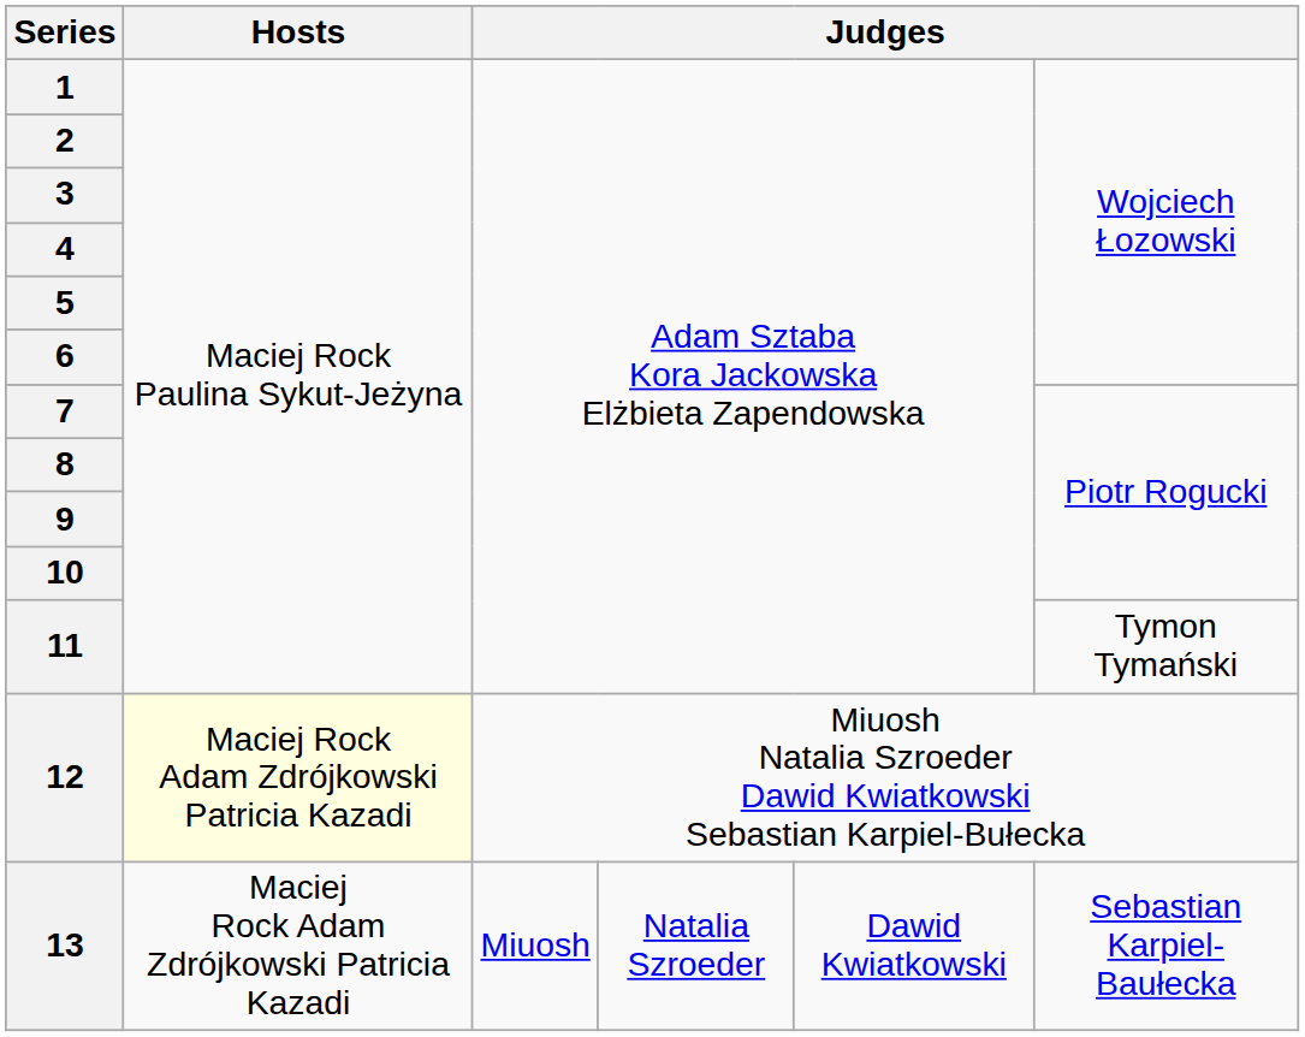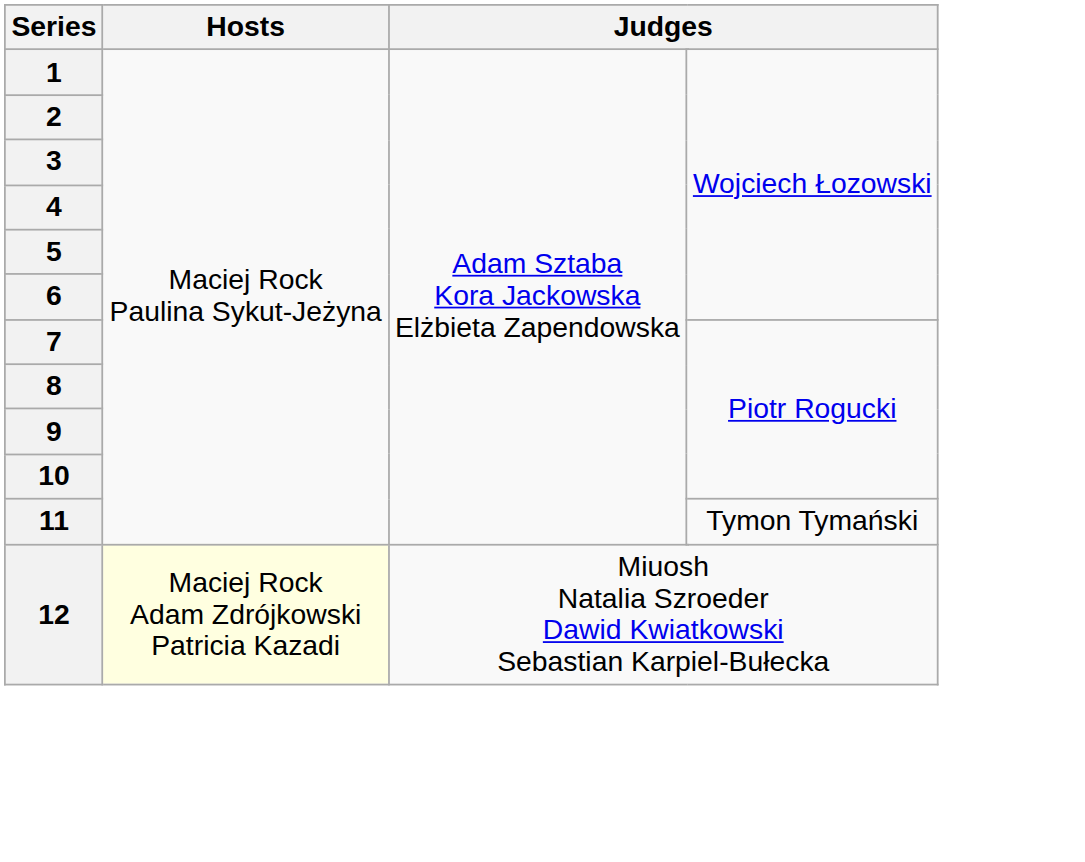 <table class="wikitable plainrowheaders collapsible mw-collapsible">
 <tr>
 <th>Series</th>
 <th>Hosts</th>
 <th colspan="4">Judges</th>
 </tr>
 <tr style="text-align:center;">
 <th>1</th>
 <td rowspan="11">Maciej Rock <br> Paulina Sykut-Jeżyna</td>
 <td colspan="3" rowspan="11"><a href='#'>Adam Sztaba</a> <br> <a href='#'>Kora Jackowska</a> <br> Elżbieta Zapendowska <br></td>
 <td rowspan="6"><a href='#'>Wojciech Łozowski</a></td>
 </tr>
 <tr style="text-align:center;">
 <th>2</th>
 </tr>
 <tr style="text-align:center;">
 <th>3</th>
 </tr>
 <tr style="text-align:center;">
 <th>4</th>
 </tr>
 <tr style="text-align:center;">
 <th>5</th>
 </tr>
 <tr style="text-align:center;">
 <th>6</th>
 </tr>
 <tr style="text-align:center;">
 <th>7</th>
 <td rowspan="4"><a href='#'>Piotr Rogucki</a></td>
 </tr>
 <tr style="text-align:center;">
 <th>8</th>
 </tr>
 <tr style="text-align:center;">
 <th>9</th>
 </tr>
 <tr style="text-align:center;">
 <th>10</th>
 </tr>
 <tr style="text-align:center;">
 <th>11</th>
 <td rowspan="1">Tymon Tymański</td>
 </tr>
 <tr style="text-align:center;">
 <th>12</th>
 <td rowspan="1" style="background: lightyellow;">Maciej Rock <br> Adam Zdrójkowski <br> Patricia Kazadi</td>
 <td colspan="4" rowspan="1">Miuosh <br> Natalia Szroeder <br>  <a href='#'>Dawid Kwiatkowski</a> <br> Sebastian Karpiel-Bułecka <br></td>
 </tr>
-<tr style="text-align: center;">
-<th>13</th>
-<td>Maciej<br>Rock  Adam  Zdrójkowski Patricia  Kazadi</td>
-<td><a href='#'>Miuosh</a></td>
-<td><a href='#'>Natalia Szroeder</a></td>
-<td><a href='#'>Dawid Kwiatkowski</a></td>
-<td><a href='#'>Sebastian Karpiel-Baułecka</a></td>
-</tr>
 </table>
